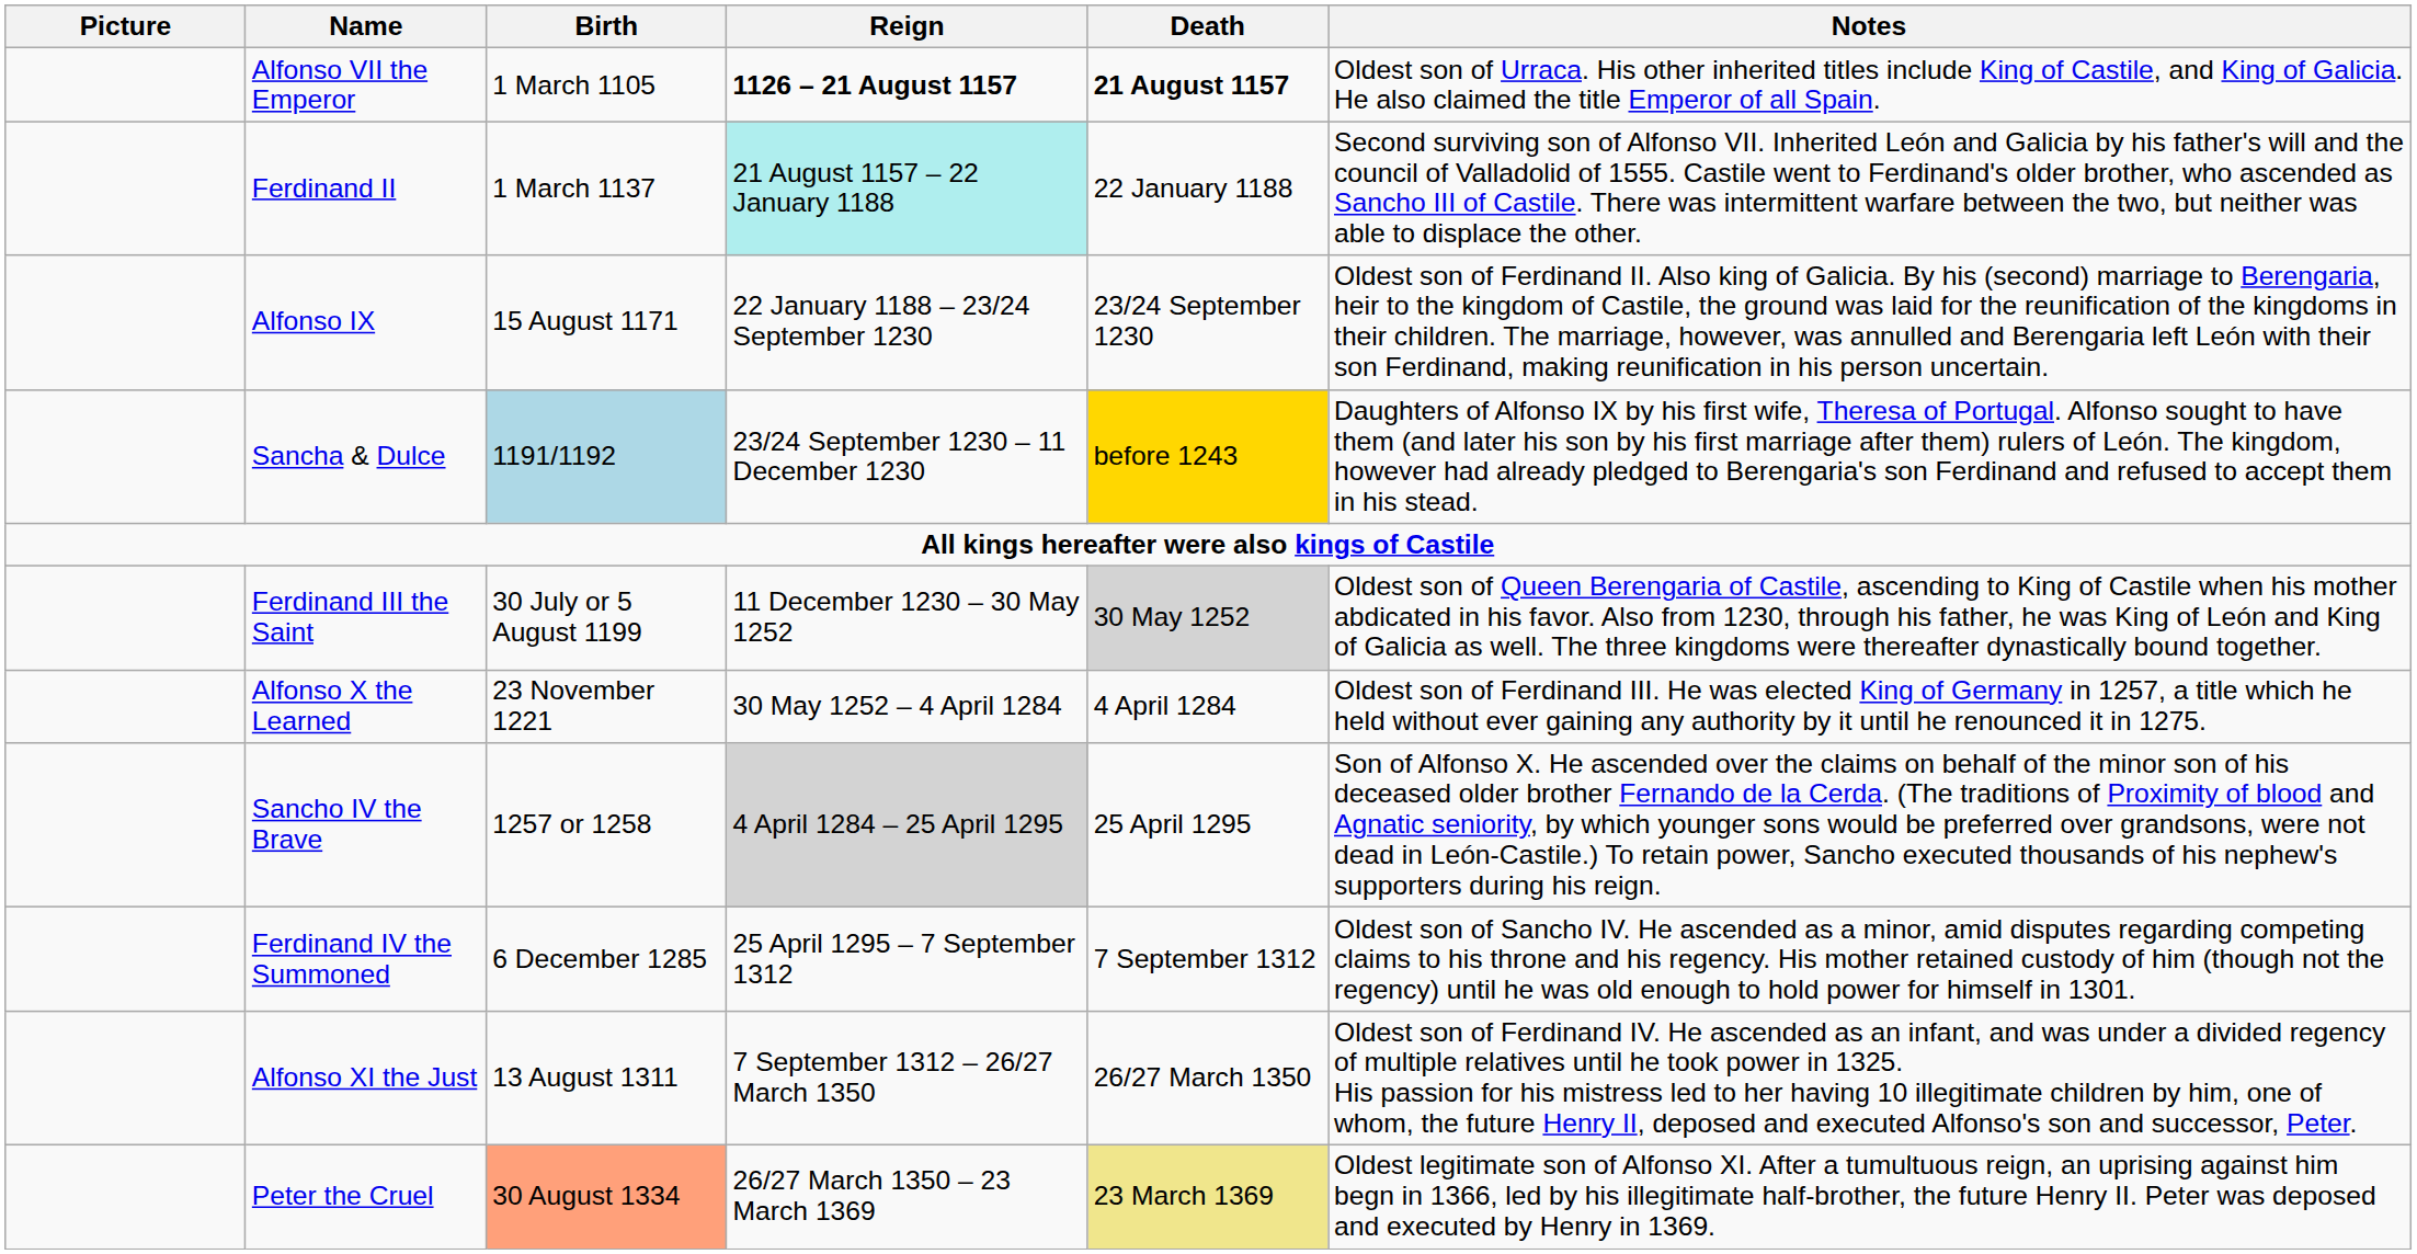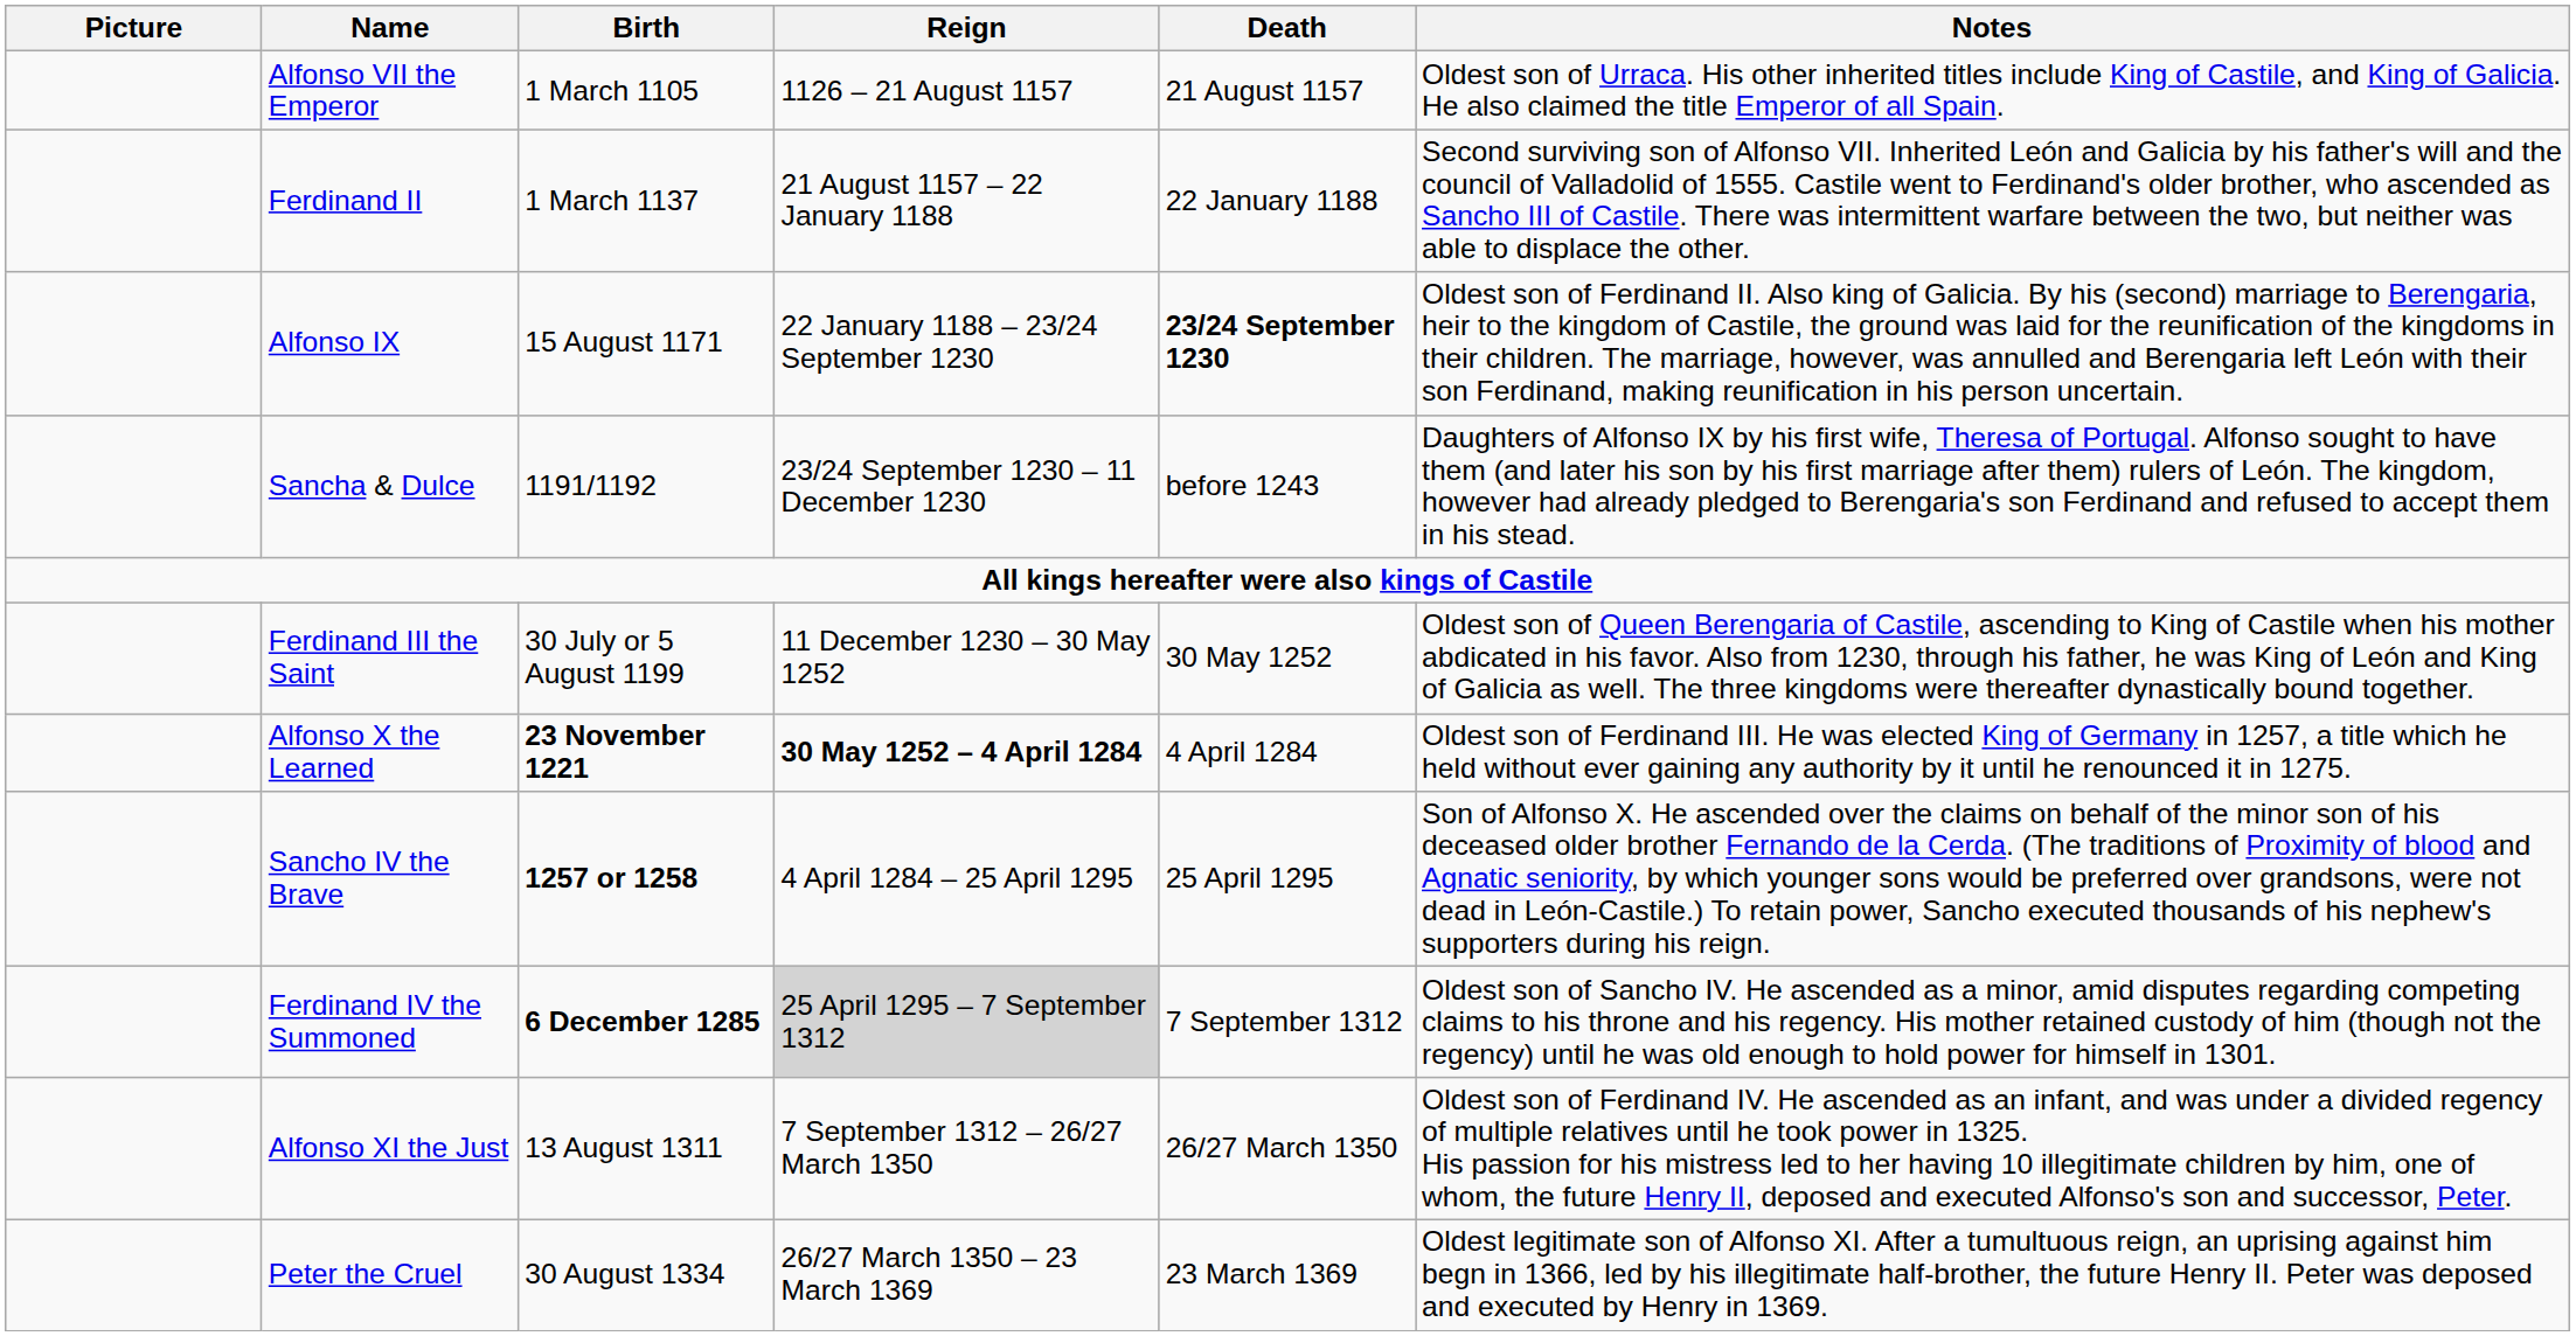 <table width=90% class="wikitable">
 <tr>
 <th style="width: 10%">Picture</th>
 <th style="width: 10%">Name</th>
 <th style="width: 10%">Birth</th>
 <th style="width: 15%">Reign</th>
 <th style="width: 10%">Death</th>
 <th style="width: 45%">Notes</th>
 </tr>
 <tr>
 <td></td>
 <td><a href='#'>Alfonso VII the Emperor</a></td>
 <td>1 March 1105</td>
-<td><strong>1126 – 21 August 1157</strong></td>
-<td><strong>21 August 1157</strong></td>
+<td>1126 – 21 August 1157</td>
+<td>21 August 1157</td>
 <td>Oldest son of <a href='#'>Urraca</a>. His other inherited titles include <a href='#'>King of Castile</a>, and <a href='#'>King of Galicia</a>. He also claimed the title <a href='#'>Emperor of all Spain</a>.</td>
 </tr>
 <tr>
 <td></td>
 <td><a href='#'>Ferdinand II</a></td>
 <td>1 March 1137</td>
-<td style="background: paleturquoise;">21 August 1157 – 22 January 1188</td>
+<td>21 August 1157 – 22 January 1188</td>
 <td>22 January 1188</td>
 <td>Second surviving son of Alfonso VII. Inherited León and Galicia by his father's will and the council of Valladolid of 1555. Castile went to Ferdinand's older brother, who ascended as <a href='#'>Sancho III of Castile</a>. There was intermittent warfare between the two, but neither was able to displace the other.</td>
 </tr>
 <tr>
 <td></td>
 <td><a href='#'>Alfonso IX</a></td>
 <td>15 August 1171</td>
 <td>22 January 1188 – 23/24 September 1230</td>
-<td>23/24 September 1230</td>
+<td><strong>23/24 September 1230</strong></td>
 <td>Oldest son of Ferdinand II. Also king of Galicia. By his (second) marriage to <a href='#'>Berengaria</a>, heir to the kingdom of Castile, the ground was laid for the reunification of the kingdoms in their children. The marriage, however, was annulled and Berengaria left León with their son Ferdinand, making reunification in his person uncertain.</td>
 </tr>
 <tr>
 <td></td>
 <td><a href='#'>Sancha</a> & <a href='#'>Dulce</a></td>
-<td style="background: lightblue;">1191/1192</td>
+<td>1191/1192</td>
 <td>23/24 September 1230 – 11 December 1230</td>
-<td style="background: gold;">before 1243</td>
+<td>before 1243</td>
 <td>Daughters of Alfonso IX by his first wife, <a href='#'>Theresa of Portugal</a>. Alfonso sought to have them (and later his son by his first marriage after them) rulers of León. The kingdom, however had already pledged to Berengaria's son Ferdinand and refused to accept them in his stead.</td>
 </tr>
 <tr>
 <td align=center colspan=6><strong>All kings hereafter were also <a href='#'>kings of Castile</a></strong></td>
 </tr>
 <tr>
 <td></td>
 <td><a href='#'>Ferdinand III the Saint</a></td>
 <td>30 July or 5 August 1199</td>
 <td>11 December 1230 – 30 May 1252</td>
-<td style="background: lightgrey;">30 May 1252</td>
+<td>30 May 1252</td>
 <td>Oldest son of <a href='#'>Queen Berengaria of Castile</a>, ascending to King of Castile when his mother abdicated in his favor. Also from 1230, through his father, he was King of León and King of Galicia as well. The three kingdoms were thereafter dynastically bound together.</td>
 </tr>
 <tr>
 <td></td>
 <td><a href='#'>Alfonso X the Learned</a></td>
-<td>23 November 1221</td>
-<td>30 May 1252 – 4 April 1284</td>
+<td><strong>23 November 1221</strong></td>
+<td><strong>30 May 1252 – 4 April 1284</strong></td>
 <td>4 April 1284</td>
 <td>Oldest son of Ferdinand III. He was elected <a href='#'>King of Germany</a> in 1257, a title which he held without ever gaining any authority by it until he renounced it in 1275.</td>
 </tr>
 <tr>
 <td></td>
 <td><a href='#'>Sancho IV the Brave</a></td>
-<td>1257 or 1258</td>
-<td style="background: lightgrey;">4 April 1284 – 25 April 1295</td>
+<td><strong>1257 or 1258</strong></td>
+<td>4 April 1284 – 25 April 1295</td>
 <td>25 April 1295</td>
 <td>Son of Alfonso X. He ascended over the claims on behalf of the minor son of his deceased older brother <a href='#'>Fernando de la Cerda</a>. (The traditions of <a href='#'>Proximity of blood</a> and <a href='#'>Agnatic seniority</a>, by which  younger sons would be preferred over grandsons, were not dead in León-Castile.) To retain power, Sancho executed thousands of his nephew's supporters during his reign.</td>
 </tr>
 <tr>
 <td></td>
 <td><a href='#'>Ferdinand IV the Summoned</a></td>
-<td>6 December 1285</td>
-<td>25 April 1295 – 7 September 1312</td>
+<td><strong>6 December 1285</strong></td>
+<td style="background: lightgrey;">25 April 1295 – 7 September 1312</td>
 <td>7 September 1312</td>
 <td>Oldest son of Sancho IV. He ascended as a minor, amid disputes regarding competing claims to his throne and his regency. His mother retained custody of him (though not the regency) until he was old enough to hold power for himself in 1301.</td>
 </tr>
 <tr>
 <td></td>
 <td><a href='#'>Alfonso XI the Just</a></td>
 <td>13 August 1311</td>
 <td>7 September 1312 – 26/27 March 1350</td>
 <td>26/27 March 1350</td>
 <td>Oldest son of Ferdinand IV. He ascended as an infant, and was under a divided regency of multiple relatives until he took power in 1325.<br>His passion for his mistress led to her having 10 illegitimate children by him, one of whom, the future  <a href='#'>Henry II</a>, deposed and executed Alfonso's son and successor, <a href='#'>Peter</a>.</td>
 </tr>
 <tr>
 <td></td>
 <td><a href='#'>Peter the Cruel</a></td>
-<td style="background: lightsalmon;">30 August 1334</td>
+<td>30 August 1334</td>
 <td>26/27 March 1350 – 23 March 1369</td>
-<td style="background: khaki;">23 March 1369</td>
+<td>23 March 1369</td>
 <td>Oldest legitimate son of Alfonso XI. After a tumultuous reign, an uprising against him begn in 1366, led by his illegitimate half-brother, the future Henry II. Peter was deposed and executed by Henry in 1369.</td>
 </tr>
 </table>
